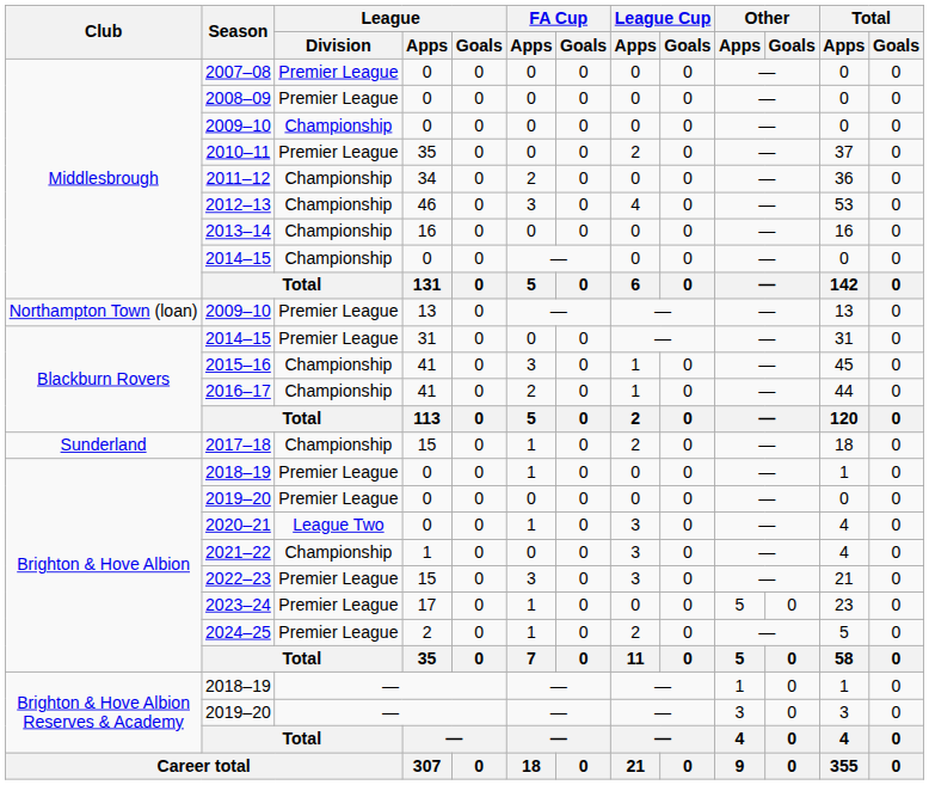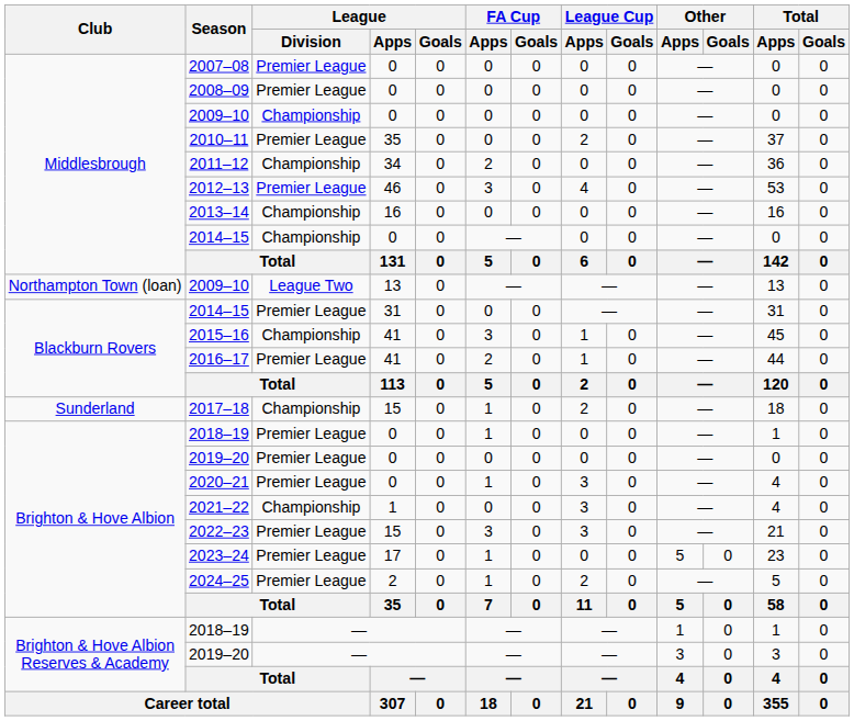 <table class=wikitable style=text-align:center>
 <tr>
 <th rowspan="2">Club</th>
 <th rowspan="2">Season</th>
 <th colspan="3">League</th>
 <th colspan="2"><a href='#'>FA Cup</a></th>
 <th colspan="2"><a href='#'>League Cup</a></th>
 <th colspan="2">Other</th>
 <th colspan="2">Total</th>
 </tr>
 <tr>
 <th>Division</th>
 <th>Apps</th>
 <th>Goals</th>
 <th>Apps</th>
 <th>Goals</th>
 <th>Apps</th>
 <th>Goals</th>
 <th>Apps</th>
 <th>Goals</th>
 <th>Apps</th>
 <th>Goals</th>
 </tr>
 <tr>
 <td rowspan="9"><a href='#'>Middlesbrough</a></td>
 <td><a href='#'>2007–08</a></td>
 <td><a href='#'>Premier League</a></td>
 <td>0</td>
 <td>0</td>
 <td>0</td>
 <td>0</td>
 <td>0</td>
 <td>0</td>
 <td colspan="2">—</td>
 <td>0</td>
 <td>0</td>
 </tr>
 <tr>
 <td><a href='#'>2008–09</a></td>
 <td>Premier League</td>
 <td>0</td>
 <td>0</td>
 <td>0</td>
 <td>0</td>
 <td>0</td>
 <td>0</td>
 <td colspan="2">—</td>
 <td>0</td>
 <td>0</td>
 </tr>
 <tr>
 <td><a href='#'>2009–10</a></td>
 <td><a href='#'>Championship</a></td>
 <td>0</td>
 <td>0</td>
 <td>0</td>
 <td>0</td>
 <td>0</td>
 <td>0</td>
 <td colspan="2">—</td>
 <td>0</td>
 <td>0</td>
 </tr>
 <tr>
 <td><a href='#'>2010–11</a></td>
 <td>Premier League</td>
 <td>35</td>
 <td>0</td>
 <td>0</td>
 <td>0</td>
 <td>2</td>
 <td>0</td>
 <td colspan="2">—</td>
 <td>37</td>
 <td>0</td>
 </tr>
 <tr>
 <td><a href='#'>2011–12</a></td>
 <td>Championship</td>
 <td>34</td>
 <td>0</td>
 <td>2</td>
 <td>0</td>
 <td>0</td>
 <td>0</td>
 <td colspan="2">—</td>
 <td>36</td>
 <td>0</td>
 </tr>
 <tr>
 <td><a href='#'>2012–13</a></td>
-<td>Championship</td>
+<td><a href='#'>Premier League</a></td>
 <td>46</td>
 <td>0</td>
 <td>3</td>
 <td>0</td>
 <td>4</td>
 <td>0</td>
 <td colspan="2">—</td>
 <td>53</td>
 <td>0</td>
 </tr>
 <tr>
 <td><a href='#'>2013–14</a></td>
 <td>Championship</td>
 <td>16</td>
 <td>0</td>
 <td>0</td>
 <td>0</td>
 <td>0</td>
 <td>0</td>
 <td colspan="2">—</td>
 <td>16</td>
 <td>0</td>
 </tr>
 <tr>
 <td><a href='#'>2014–15</a></td>
 <td>Championship</td>
 <td>0</td>
 <td>0</td>
 <td colspan="2">—</td>
 <td>0</td>
 <td>0</td>
 <td colspan="2">—</td>
 <td>0</td>
 <td>0</td>
 </tr>
 <tr>
 <th colspan="2">Total</th>
 <th>131</th>
 <th>0</th>
 <th>5</th>
 <th>0</th>
 <th>6</th>
 <th>0</th>
 <th colspan="2">—</th>
 <th>142</th>
 <th>0</th>
 </tr>
 <tr>
 <td><a href='#'>Northampton Town</a> (loan)</td>
 <td><a href='#'>2009–10</a></td>
-<td>Premier League</td>
+<td><a href='#'>League Two</a></td>
 <td>13</td>
 <td>0</td>
 <td colspan="2">—</td>
 <td colspan="2">—</td>
 <td colspan="2">—</td>
 <td>13</td>
 <td>0</td>
 </tr>
 <tr>
 <td rowspan="4"><a href='#'>Blackburn Rovers</a></td>
 <td><a href='#'>2014–15</a></td>
 <td>Premier League</td>
 <td>31</td>
 <td>0</td>
 <td>0</td>
 <td>0</td>
 <td colspan="2">—</td>
 <td colspan="2">—</td>
 <td>31</td>
 <td>0</td>
 </tr>
 <tr>
 <td><a href='#'>2015–16</a></td>
 <td>Championship</td>
 <td>41</td>
 <td>0</td>
 <td>3</td>
 <td>0</td>
 <td>1</td>
 <td>0</td>
 <td colspan="2">—</td>
 <td>45</td>
 <td>0</td>
 </tr>
 <tr>
 <td><a href='#'>2016–17</a></td>
-<td>Championship</td>
+<td>Premier League</td>
 <td>41</td>
 <td>0</td>
 <td>2</td>
 <td>0</td>
 <td>1</td>
 <td>0</td>
 <td colspan="2">—</td>
 <td>44</td>
 <td>0</td>
 </tr>
 <tr>
 <th colspan="2">Total</th>
 <th>113</th>
 <th>0</th>
 <th>5</th>
 <th>0</th>
 <th>2</th>
 <th>0</th>
 <th colspan="2">—</th>
 <th>120</th>
 <th>0</th>
 </tr>
 <tr>
 <td><a href='#'>Sunderland</a></td>
 <td><a href='#'>2017–18</a></td>
 <td>Championship</td>
 <td>15</td>
 <td>0</td>
 <td>1</td>
 <td>0</td>
 <td>2</td>
 <td>0</td>
 <td colspan="2">—</td>
 <td>18</td>
 <td>0</td>
 </tr>
 <tr>
 <td rowspan="8"><a href='#'>Brighton & Hove Albion</a></td>
 <td><a href='#'>2018–19</a></td>
 <td>Premier League</td>
 <td>0</td>
 <td>0</td>
 <td>1</td>
 <td>0</td>
 <td>0</td>
 <td>0</td>
 <td colspan="2">—</td>
 <td>1</td>
 <td>0</td>
 </tr>
 <tr>
 <td><a href='#'>2019–20</a></td>
 <td>Premier League</td>
 <td>0</td>
 <td>0</td>
 <td>0</td>
 <td>0</td>
 <td>0</td>
 <td>0</td>
 <td colspan="2">—</td>
 <td>0</td>
 <td>0</td>
 </tr>
 <tr>
 <td><a href='#'>2020–21</a></td>
-<td><a href='#'>League Two</a></td>
+<td>Premier League</td>
 <td>0</td>
 <td>0</td>
 <td>1</td>
 <td>0</td>
 <td>3</td>
 <td>0</td>
 <td colspan="2">—</td>
 <td>4</td>
 <td>0</td>
 </tr>
 <tr>
 <td><a href='#'>2021–22</a></td>
 <td>Championship</td>
 <td>1</td>
 <td>0</td>
 <td>0</td>
 <td>0</td>
 <td>3</td>
 <td>0</td>
 <td colspan="2">—</td>
 <td>4</td>
 <td>0</td>
 </tr>
 <tr>
 <td><a href='#'>2022–23</a></td>
 <td>Premier League</td>
 <td>15</td>
 <td>0</td>
 <td>3</td>
 <td>0</td>
 <td>3</td>
 <td>0</td>
 <td colspan="2">—</td>
 <td>21</td>
 <td>0</td>
 </tr>
 <tr>
 <td><a href='#'>2023–24</a></td>
 <td>Premier League</td>
 <td>17</td>
 <td>0</td>
 <td>1</td>
 <td>0</td>
 <td>0</td>
 <td>0</td>
 <td>5</td>
 <td>0</td>
 <td>23</td>
 <td>0</td>
 </tr>
 <tr>
 <td><a href='#'>2024–25</a></td>
 <td>Premier League</td>
 <td>2</td>
 <td>0</td>
 <td>1</td>
 <td>0</td>
 <td>2</td>
 <td>0</td>
 <td colspan="2">—</td>
 <td>5</td>
 <td>0</td>
 </tr>
 <tr>
 <th colspan="2">Total</th>
 <th>35</th>
 <th>0</th>
 <th>7</th>
 <th>0</th>
 <th>11</th>
 <th>0</th>
 <th>5</th>
 <th>0</th>
 <th>58</th>
 <th>0</th>
 </tr>
 <tr>
 <td rowspan="3"><a href='#'>Brighton & Hove Albion <br> Reserves & Academy</a></td>
 <td>2018–19</td>
 <td colspan="3">—</td>
 <td colspan="2">—</td>
 <td colspan="2">—</td>
 <td>1</td>
 <td>0</td>
 <td>1</td>
 <td>0</td>
 </tr>
 <tr>
 <td>2019–20</td>
 <td colspan="3">—</td>
 <td colspan="2">—</td>
 <td colspan="2">—</td>
 <td>3</td>
 <td>0</td>
 <td>3</td>
 <td>0</td>
 </tr>
 <tr>
 <th colspan="2">Total</th>
 <th colspan="2">—</th>
 <th colspan="2">—</th>
 <th colspan="2">—</th>
 <th>4</th>
 <th>0</th>
 <th>4</th>
 <th>0</th>
 </tr>
 <tr>
 <th colspan="3">Career total</th>
 <th>307</th>
 <th>0</th>
 <th>18</th>
 <th>0</th>
 <th>21</th>
 <th>0</th>
 <th>9</th>
 <th>0</th>
 <th>355</th>
 <th>0</th>
 </tr>
 </table>
